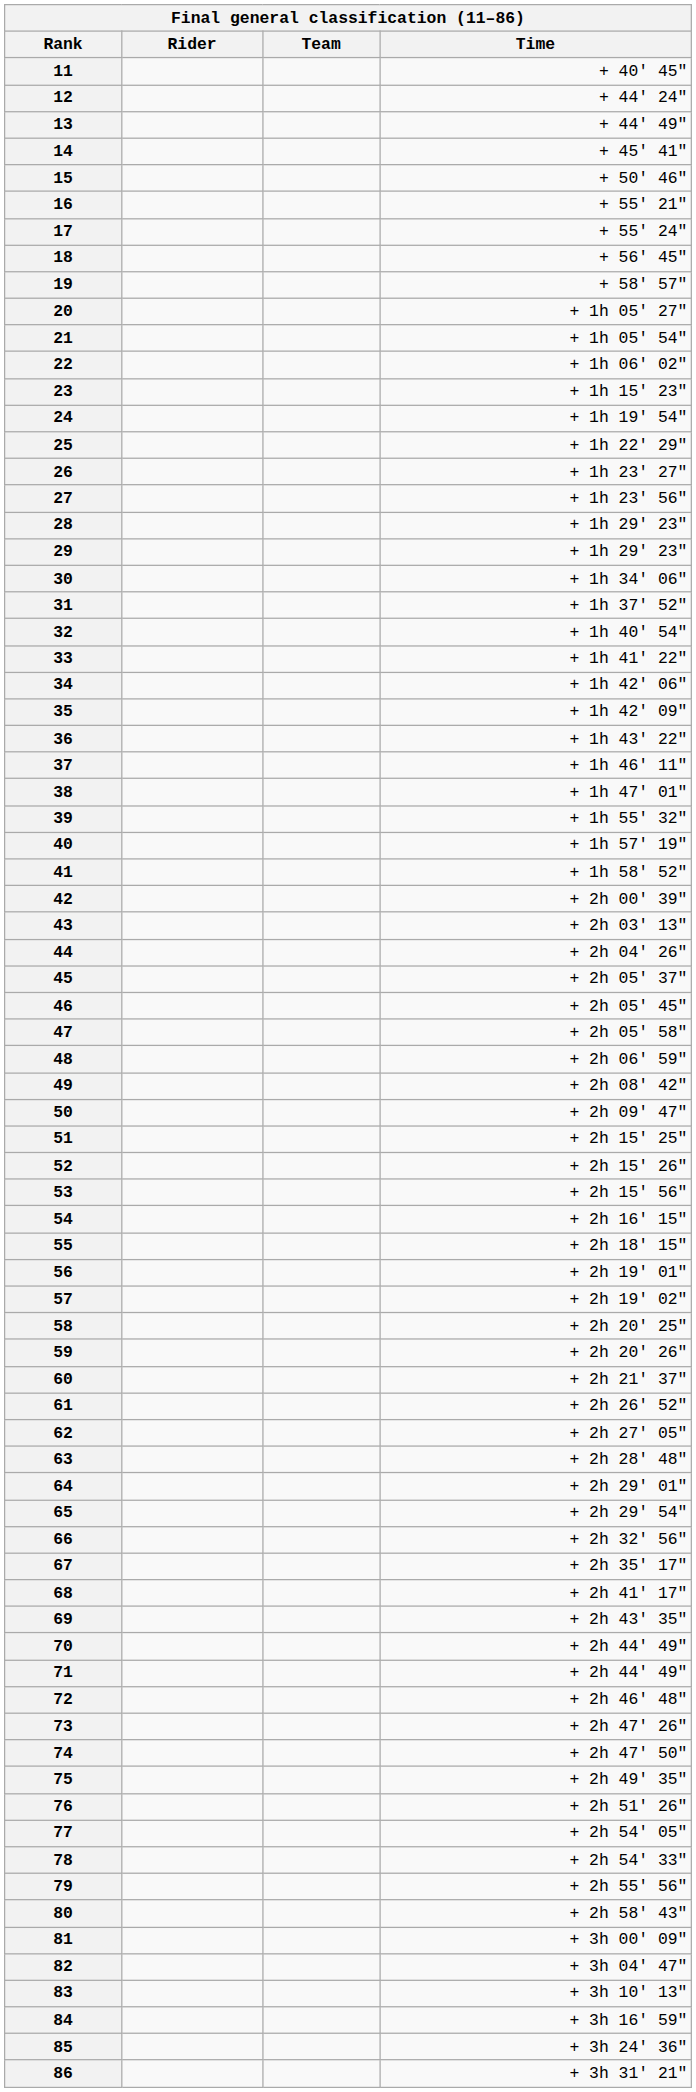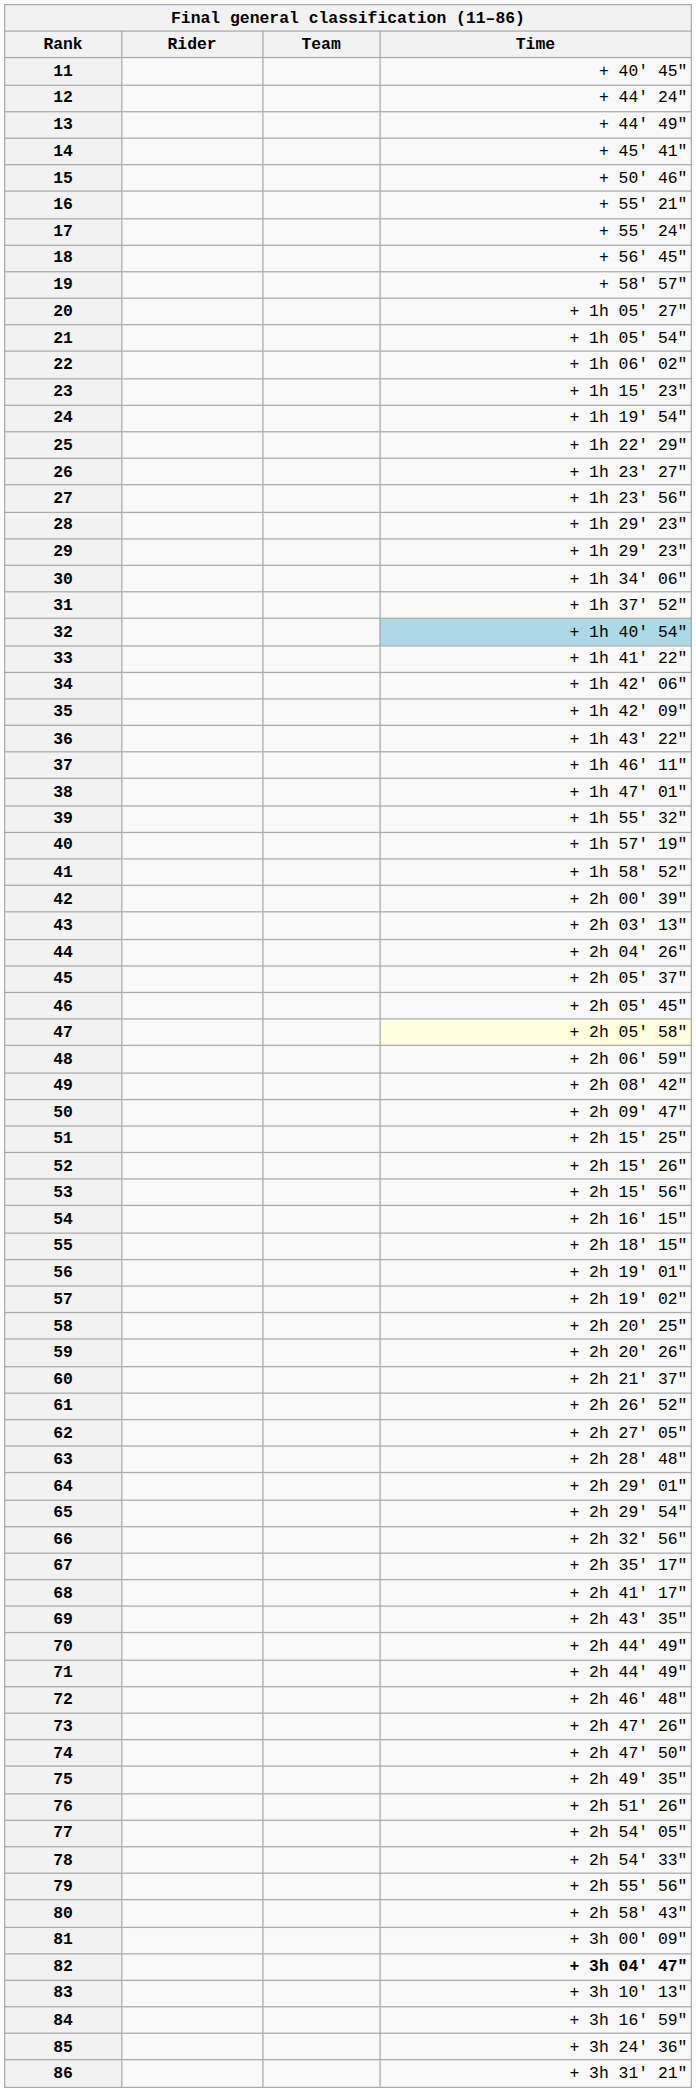 <table class="collapsible collapsed wikitable" style="width:42em;margin-top:-1px;">
 <tr>
 <th scope="col" colspan="4">Final general classification (11–86)</th>
 </tr>
 <tr>
 <th scope="col">Rank</th>
 <th scope="col">Rider</th>
 <th scope="col">Team</th>
 <th scope="col">Time</th>
 </tr>
 <tr>
 <th scope="row">11</th>
 <td></td>
 <td></td>
 <td style="text-align:right;">+ 40' 45"</td>
 </tr>
 <tr>
 <th scope="row">12</th>
 <td></td>
 <td></td>
 <td style="text-align:right;">+ 44' 24"</td>
 </tr>
 <tr>
 <th scope="row">13</th>
 <td></td>
 <td></td>
 <td style="text-align:right;">+ 44' 49"</td>
 </tr>
 <tr>
 <th scope="row">14</th>
 <td></td>
 <td></td>
 <td style="text-align:right;">+ 45' 41"</td>
 </tr>
 <tr>
 <th scope="row">15</th>
 <td></td>
 <td></td>
 <td style="text-align:right;">+ 50' 46"</td>
 </tr>
 <tr>
 <th scope="row">16</th>
 <td></td>
 <td></td>
 <td style="text-align:right;">+ 55' 21"</td>
 </tr>
 <tr>
 <th scope="row">17</th>
 <td></td>
 <td></td>
 <td style="text-align:right;">+ 55' 24"</td>
 </tr>
 <tr>
 <th scope="row">18</th>
 <td></td>
 <td></td>
 <td style="text-align:right;">+ 56' 45"</td>
 </tr>
 <tr>
 <th scope="row">19</th>
 <td></td>
 <td></td>
 <td style="text-align:right;">+ 58' 57"</td>
 </tr>
 <tr>
 <th scope="row">20</th>
 <td></td>
 <td></td>
 <td style="text-align:right;">+ 1h 05' 27"</td>
 </tr>
 <tr>
 <th scope="row">21</th>
 <td></td>
 <td></td>
 <td style="text-align:right;">+ 1h 05' 54"</td>
 </tr>
 <tr>
 <th scope="row">22</th>
 <td></td>
 <td></td>
 <td style="text-align:right;">+ 1h 06' 02"</td>
 </tr>
 <tr>
 <th scope="row">23</th>
 <td></td>
 <td></td>
 <td style="text-align:right;">+ 1h 15' 23"</td>
 </tr>
 <tr>
 <th scope="row">24</th>
 <td></td>
 <td></td>
 <td style="text-align:right;">+ 1h 19' 54"</td>
 </tr>
 <tr>
 <th scope="row">25</th>
 <td></td>
 <td></td>
 <td style="text-align:right;">+ 1h 22' 29"</td>
 </tr>
 <tr>
 <th scope="row">26</th>
 <td></td>
 <td></td>
 <td style="text-align:right;">+ 1h 23' 27"</td>
 </tr>
 <tr>
 <th scope="row">27</th>
 <td></td>
 <td></td>
 <td style="text-align:right;">+ 1h 23' 56"</td>
 </tr>
 <tr>
 <th scope="row">28</th>
 <td></td>
 <td></td>
 <td style="text-align:right;">+ 1h 29' 23"</td>
 </tr>
 <tr>
 <th scope="row">29</th>
 <td></td>
 <td></td>
 <td style="text-align:right;">+ 1h 29' 23"</td>
 </tr>
 <tr>
 <th scope="row">30</th>
 <td></td>
 <td></td>
 <td style="text-align:right;">+ 1h 34' 06"</td>
 </tr>
 <tr>
 <th scope="row">31</th>
 <td></td>
 <td></td>
 <td style="text-align:right;">+ 1h 37' 52"</td>
 </tr>
 <tr>
 <th scope="row">32</th>
 <td></td>
 <td></td>
-<td style="text-align:right;">+ 1h 40' 54"</td>
+<td style="background: lightblue; text-align:right;">+ 1h 40' 54"</td>
 </tr>
 <tr>
 <th scope="row">33</th>
 <td></td>
 <td></td>
 <td style="text-align:right;">+ 1h 41' 22"</td>
 </tr>
 <tr>
 <th scope="row">34</th>
 <td></td>
 <td></td>
 <td style="text-align:right;">+ 1h 42' 06"</td>
 </tr>
 <tr>
 <th scope="row">35</th>
 <td></td>
 <td></td>
 <td style="text-align:right;">+ 1h 42' 09"</td>
 </tr>
 <tr>
 <th scope="row">36</th>
 <td></td>
 <td></td>
 <td style="text-align:right;">+ 1h 43' 22"</td>
 </tr>
 <tr>
 <th scope="row">37</th>
 <td></td>
 <td></td>
 <td style="text-align:right;">+ 1h 46' 11"</td>
 </tr>
 <tr>
 <th scope="row">38</th>
 <td></td>
 <td></td>
 <td style="text-align:right;">+ 1h 47' 01"</td>
 </tr>
 <tr>
 <th scope="row">39</th>
 <td></td>
 <td></td>
 <td style="text-align:right;">+ 1h 55' 32"</td>
 </tr>
 <tr>
 <th scope="row">40</th>
 <td></td>
 <td></td>
 <td style="text-align:right;">+ 1h 57' 19"</td>
 </tr>
 <tr>
 <th scope="row">41</th>
 <td></td>
 <td></td>
 <td style="text-align:right;">+ 1h 58' 52"</td>
 </tr>
 <tr>
 <th scope="row">42</th>
 <td></td>
 <td></td>
 <td style="text-align:right;">+ 2h 00' 39"</td>
 </tr>
 <tr>
 <th scope="row">43</th>
 <td></td>
 <td></td>
 <td style="text-align:right;">+ 2h 03' 13"</td>
 </tr>
 <tr>
 <th scope="row">44</th>
 <td></td>
 <td></td>
 <td style="text-align:right;">+ 2h 04' 26"</td>
 </tr>
 <tr>
 <th scope="row">45</th>
 <td></td>
 <td></td>
 <td style="text-align:right;">+ 2h 05' 37"</td>
 </tr>
 <tr>
 <th scope="row">46</th>
 <td></td>
 <td></td>
 <td style="text-align:right;">+ 2h 05' 45"</td>
 </tr>
 <tr>
 <th scope="row">47</th>
 <td></td>
 <td></td>
-<td style="text-align:right;">+ 2h 05' 58"</td>
+<td style="background: lightyellow; text-align:right;">+ 2h 05' 58"</td>
 </tr>
 <tr>
 <th scope="row">48</th>
 <td></td>
 <td></td>
 <td style="text-align:right;">+ 2h 06' 59"</td>
 </tr>
 <tr>
 <th scope="row">49</th>
 <td></td>
 <td></td>
 <td style="text-align:right;">+ 2h 08' 42"</td>
 </tr>
 <tr>
 <th scope="row">50</th>
 <td></td>
 <td></td>
 <td style="text-align:right;">+ 2h 09' 47"</td>
 </tr>
 <tr>
 <th scope="row">51</th>
 <td></td>
 <td></td>
 <td style="text-align:right;">+ 2h 15' 25"</td>
 </tr>
 <tr>
 <th scope="row">52</th>
 <td></td>
 <td></td>
 <td style="text-align:right;">+ 2h 15' 26"</td>
 </tr>
 <tr>
 <th scope="row">53</th>
 <td></td>
 <td></td>
 <td style="text-align:right;">+ 2h 15' 56"</td>
 </tr>
 <tr>
 <th scope="row">54</th>
 <td></td>
 <td></td>
 <td style="text-align:right;">+ 2h 16' 15"</td>
 </tr>
 <tr>
 <th scope="row">55</th>
 <td></td>
 <td></td>
 <td style="text-align:right;">+ 2h 18' 15"</td>
 </tr>
 <tr>
 <th scope="row">56</th>
 <td></td>
 <td></td>
 <td style="text-align:right;">+ 2h 19' 01"</td>
 </tr>
 <tr>
 <th scope="row">57</th>
 <td></td>
 <td></td>
 <td style="text-align:right;">+ 2h 19' 02"</td>
 </tr>
 <tr>
 <th scope="row">58</th>
 <td></td>
 <td></td>
 <td style="text-align:right;">+ 2h 20' 25"</td>
 </tr>
 <tr>
 <th scope="row">59</th>
 <td></td>
 <td></td>
 <td style="text-align:right;">+ 2h 20' 26"</td>
 </tr>
 <tr>
 <th scope="row">60</th>
 <td></td>
 <td></td>
 <td style="text-align:right;">+ 2h 21' 37"</td>
 </tr>
 <tr>
 <th scope="row">61</th>
 <td></td>
 <td></td>
 <td style="text-align:right;">+ 2h 26' 52"</td>
 </tr>
 <tr>
 <th scope="row">62</th>
 <td></td>
 <td></td>
 <td style="text-align:right;">+ 2h 27' 05"</td>
 </tr>
 <tr>
 <th scope="row">63</th>
 <td></td>
 <td></td>
 <td style="text-align:right;">+ 2h 28' 48"</td>
 </tr>
 <tr>
 <th scope="row">64</th>
 <td></td>
 <td></td>
 <td style="text-align:right;">+ 2h 29' 01"</td>
 </tr>
 <tr>
 <th scope="row">65</th>
 <td></td>
 <td></td>
 <td style="text-align:right;">+ 2h 29' 54"</td>
 </tr>
 <tr>
 <th scope="row">66</th>
 <td></td>
 <td></td>
 <td style="text-align:right;">+ 2h 32' 56"</td>
 </tr>
 <tr>
 <th scope="row">67</th>
 <td></td>
 <td></td>
 <td style="text-align:right;">+ 2h 35' 17"</td>
 </tr>
 <tr>
 <th scope="row">68</th>
 <td></td>
 <td></td>
 <td style="text-align:right;">+ 2h 41' 17"</td>
 </tr>
 <tr>
 <th scope="row">69</th>
 <td></td>
 <td></td>
 <td style="text-align:right;">+ 2h 43' 35"</td>
 </tr>
 <tr>
 <th scope="row">70</th>
 <td></td>
 <td></td>
 <td style="text-align:right;">+ 2h 44' 49"</td>
 </tr>
 <tr>
 <th scope="row">71</th>
 <td></td>
 <td></td>
 <td style="text-align:right;">+ 2h 44' 49"</td>
 </tr>
 <tr>
 <th scope="row">72</th>
 <td></td>
 <td></td>
 <td style="text-align:right;">+ 2h 46' 48"</td>
 </tr>
 <tr>
 <th scope="row">73</th>
 <td></td>
 <td></td>
 <td style="text-align:right;">+ 2h 47' 26"</td>
 </tr>
 <tr>
 <th scope="row">74</th>
 <td></td>
 <td></td>
 <td style="text-align:right;">+ 2h 47' 50"</td>
 </tr>
 <tr>
 <th scope="row">75</th>
 <td></td>
 <td></td>
 <td style="text-align:right;">+ 2h 49' 35"</td>
 </tr>
 <tr>
 <th scope="row">76</th>
 <td></td>
 <td></td>
 <td style="text-align:right;">+ 2h 51' 26"</td>
 </tr>
 <tr>
 <th scope="row">77</th>
 <td></td>
 <td></td>
 <td style="text-align:right;">+ 2h 54' 05"</td>
 </tr>
 <tr>
 <th scope="row">78</th>
 <td></td>
 <td></td>
 <td style="text-align:right;">+ 2h 54' 33"</td>
 </tr>
 <tr>
 <th scope="row">79</th>
 <td> </td>
 <td></td>
 <td style="text-align:right;">+ 2h 55' 56"</td>
 </tr>
 <tr>
 <th scope="row">80</th>
 <td></td>
 <td></td>
 <td style="text-align:right;">+ 2h 58' 43"</td>
 </tr>
 <tr>
 <th scope="row">81</th>
 <td></td>
 <td></td>
 <td style="text-align:right;">+ 3h 00' 09"</td>
 </tr>
 <tr>
 <th scope="row">82</th>
 <td></td>
 <td></td>
-<td style="text-align:right;">+ 3h 04' 47"</td>
+<td style="text-align:right;"><strong>+ 3h 04' 47"</strong></td>
 </tr>
 <tr>
 <th scope="row">83</th>
 <td></td>
 <td></td>
 <td style="text-align:right;">+ 3h 10' 13"</td>
 </tr>
 <tr>
 <th scope="row">84</th>
 <td></td>
 <td></td>
 <td style="text-align:right;">+ 3h 16' 59"</td>
 </tr>
 <tr>
 <th scope="row">85</th>
 <td></td>
 <td></td>
 <td style="text-align:right;">+ 3h 24' 36"</td>
 </tr>
 <tr>
 <th scope="row">86</th>
 <td></td>
 <td></td>
 <td style="text-align:right;">+ 3h 31' 21"</td>
 </tr>
 </table>
